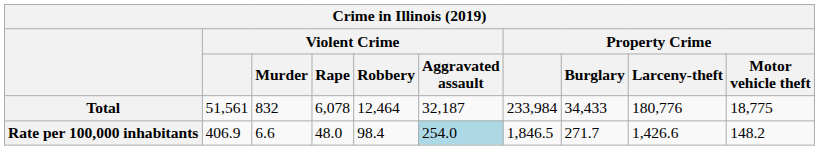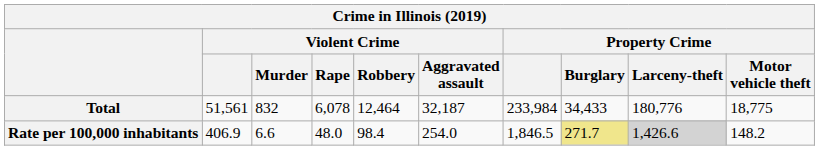 <table class="wikitable">
 <tr>
 <th colspan="10"><strong>Crime in Illinois (2019)</strong></th>
 </tr>
 <tr>
 <th rowspan="2"></th>
 <th colspan="5">Violent Crime</th>
 <th colspan="4">Property Crime</th>
 </tr>
 <tr>
 <th></th>
 <th>Murder</th>
 <th>Rape</th>
 <th>Robbery</th>
 <th>Aggravated<br>assault</th>
 <th></th>
 <th>Burglary</th>
 <th>Larceny-theft</th>
 <th>Motor<br>vehicle theft</th>
 </tr>
 <tr>
 <th>Total</th>
 <td>51,561</td>
 <td>832</td>
 <td>6,078</td>
 <td>12,464</td>
 <td>32,187</td>
 <td>233,984</td>
 <td>34,433</td>
 <td>180,776</td>
 <td>18,775</td>
 </tr>
 <tr>
 <th>Rate per 100,000 inhabitants</th>
 <td>406.9</td>
 <td>6.6</td>
 <td>48.0</td>
 <td>98.4</td>
-<td style="background: lightblue;">254.0</td>
+<td>254.0</td>
 <td>1,846.5</td>
-<td>271.7</td>
-<td>1,426.6</td>
+<td style="background: khaki;">271.7</td>
+<td style="background: lightgrey;">1,426.6</td>
 <td>148.2</td>
 </tr>
 </table>
